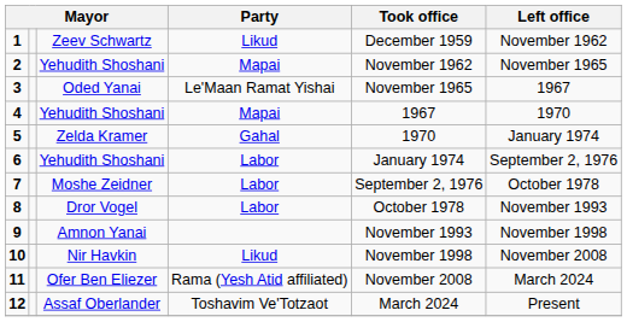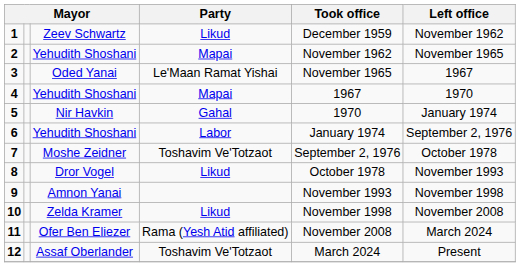 <table class="wikitable" style="text-align: center;">
 <tr>
 <th colspan="3">Mayor</th>
 <th>Party</th>
 <th>Took office</th>
 <th>Left office</th>
 </tr>
 <tr>
 <td style="background: "><strong>1</strong></td>
 <td></td>
 <td><a href='#'>Zeev Schwartz</a></td>
 <td><a href='#'>Likud</a></td>
 <td>December 1959</td>
 <td>November 1962</td>
 </tr>
 <tr>
 <td style="background: "><strong>2</strong></td>
 <td></td>
 <td><a href='#'>Yehudith Shoshani</a></td>
 <td><a href='#'>Mapai</a></td>
 <td>November 1962</td>
 <td>November 1965</td>
 </tr>
 <tr>
 <td><strong>3</strong></td>
 <td></td>
 <td><a href='#'>Oded Yanai</a></td>
 <td>Le'Maan Ramat Yishai</td>
 <td>November 1965</td>
 <td>1967</td>
 </tr>
 <tr>
 <td style="background: "><strong>4</strong></td>
 <td></td>
 <td><a href='#'>Yehudith Shoshani</a></td>
 <td><a href='#'>Mapai</a></td>
 <td>1967</td>
 <td>1970</td>
 </tr>
 <tr>
 <td style="background: "><strong>5</strong></td>
 <td></td>
-<td><a href='#'>Zelda Kramer</a></td>
+<td><a href='#'>Nir Havkin</a></td>
 <td><a href='#'>Gahal</a></td>
 <td>1970</td>
 <td>January 1974</td>
 </tr>
 <tr>
 <td style="background: "><strong>6</strong></td>
 <td></td>
 <td><a href='#'>Yehudith Shoshani</a></td>
 <td><a href='#'>Labor</a></td>
 <td>January 1974</td>
 <td>September 2, 1976</td>
 </tr>
 <tr>
 <td style="background: "><strong>7</strong></td>
 <td></td>
 <td><a href='#'>Moshe Zeidner</a></td>
-<td><a href='#'>Labor</a></td>
+<td>Toshavim Ve'Totzaot</td>
 <td>September 2, 1976</td>
 <td>October 1978</td>
 </tr>
 <tr>
 <td style="background: "><strong>8</strong></td>
 <td></td>
 <td><a href='#'>Dror Vogel</a></td>
-<td><a href='#'>Labor</a></td>
+<td><a href='#'>Likud</a></td>
 <td>October 1978</td>
 <td>November 1993</td>
 </tr>
 <tr>
 <td><strong>9</strong></td>
 <td></td>
 <td><a href='#'>Amnon Yanai</a></td>
 <td></td>
 <td>November 1993</td>
 <td>November 1998</td>
 </tr>
 <tr>
 <td style="background: "><strong>10</strong></td>
 <td></td>
-<td><a href='#'>Nir Havkin</a></td>
+<td><a href='#'>Zelda Kramer</a></td>
 <td><a href='#'>Likud</a></td>
 <td>November 1998</td>
 <td>November 2008</td>
 </tr>
 <tr>
 <td style="background: "><strong>11</strong></td>
 <td></td>
 <td><a href='#'>Ofer Ben Eliezer</a></td>
 <td>Rama (<a href='#'>Yesh Atid</a> affiliated)</td>
 <td>November 2008</td>
 <td>March 2024</td>
 </tr>
 <tr>
 <td><strong>12</strong></td>
 <td></td>
 <td><a href='#'>Assaf Oberlander</a></td>
 <td>Toshavim Ve'Totzaot</td>
 <td>March 2024</td>
 <td>Present</td>
 </tr>
 <tr>
 </tr>
 </table>
